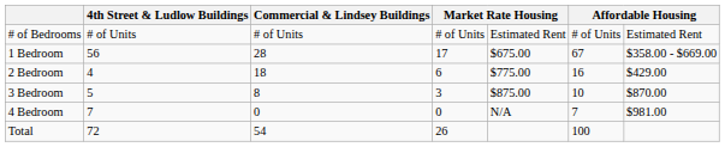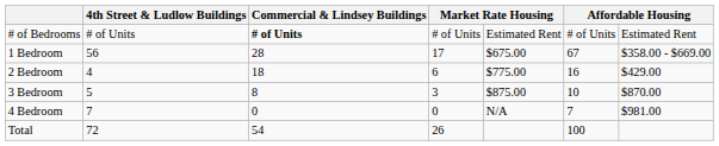 <table class="wikitable">
 <tr>
 <th></th>
 <th>4th Street & Ludlow Buildings</th>
 <th>Commercial & Lindsey Buildings</th>
 <th colspan="2">Market Rate Housing</th>
 <th colspan="2">Affordable Housing</th>
 </tr>
 <tr>
 <td># of Bedrooms</td>
 <td># of Units</td>
-<td># of Units</td>
+<td><strong># of Units</strong></td>
 <td># of Units</td>
 <td>Estimated Rent</td>
 <td># of Units</td>
 <td>Estimated Rent</td>
 </tr>
 <tr>
 <td>1 Bedroom</td>
 <td>56</td>
 <td>28</td>
 <td>17</td>
 <td>$675.00</td>
 <td>67</td>
 <td>$358.00 - $669.00</td>
 </tr>
 <tr>
 <td>2 Bedroom</td>
 <td>4</td>
 <td>18</td>
 <td>6</td>
 <td>$775.00</td>
 <td>16</td>
 <td>$429.00</td>
 </tr>
 <tr>
 <td>3 Bedroom</td>
 <td>5</td>
 <td>8</td>
 <td>3</td>
 <td>$875.00</td>
 <td>10</td>
 <td>$870.00</td>
 </tr>
 <tr>
 <td>4 Bedroom</td>
 <td>7</td>
 <td>0</td>
 <td>0</td>
 <td>N/A</td>
 <td>7</td>
 <td>$981.00</td>
 </tr>
 <tr>
 <td>Total</td>
 <td>72</td>
 <td>54</td>
 <td>26</td>
 <td></td>
 <td>100</td>
 <td></td>
 </tr>
 </table>
